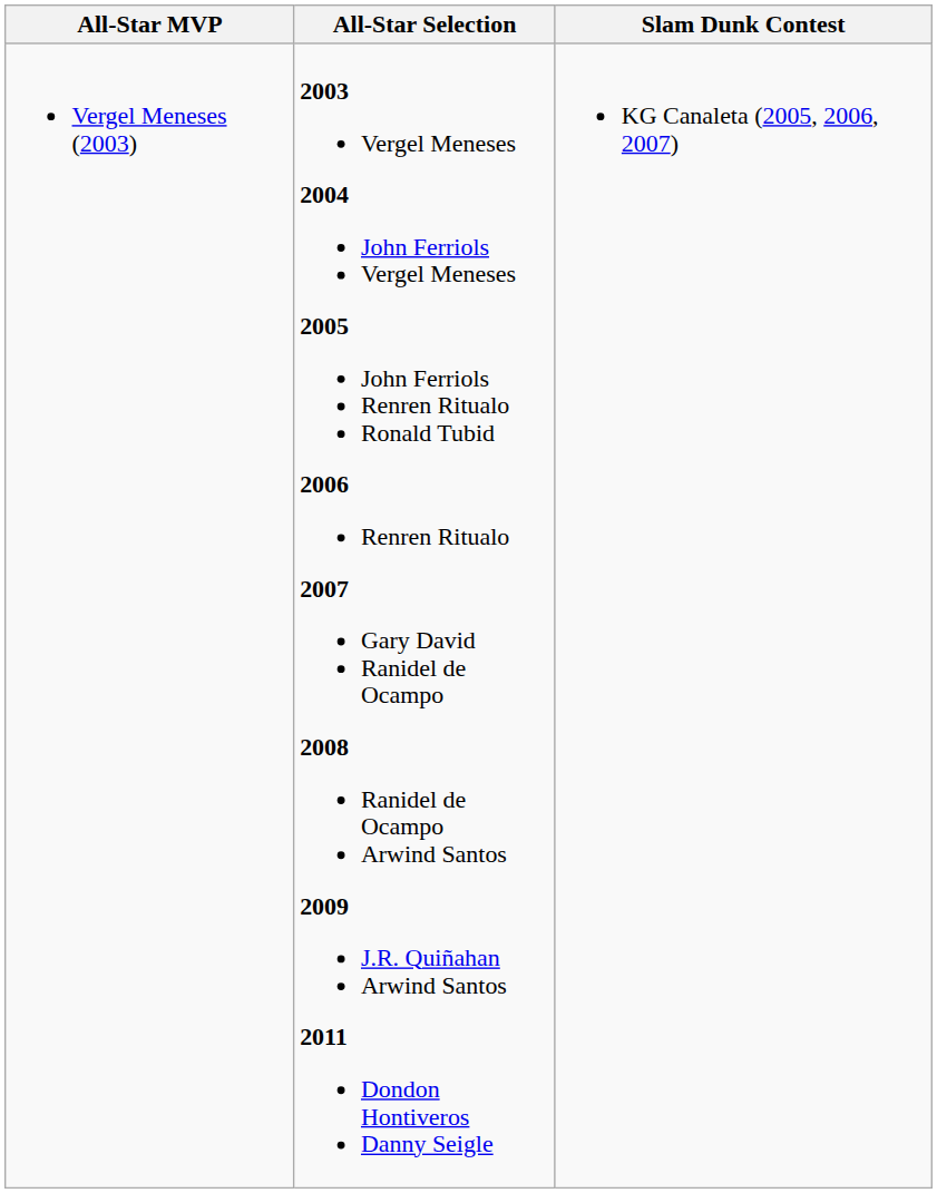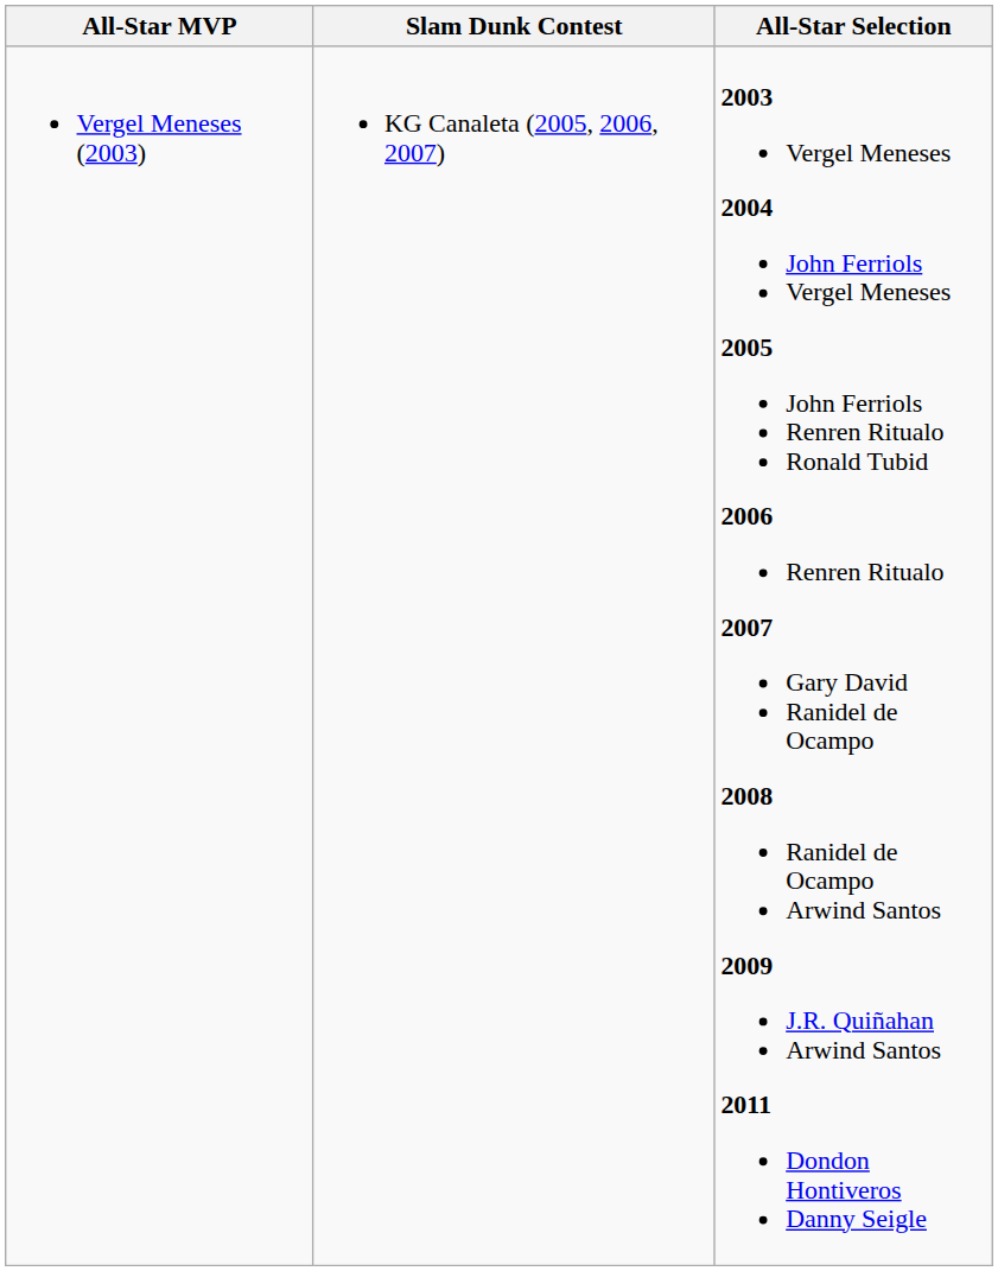 <table class=wikitable>
 <tr>
 <th>All-Star MVP</th>
+<th>Slam Dunk Contest</th>
 <th>All-Star Selection</th>
-<th>Slam Dunk Contest</th>
 </tr>
 <tr>
 <td valign="top"><br><ul><li><a href='#'>Vergel Meneses</a> (<a href='#'>2003</a>)</li></ul></td>
+<td valign="top"><br><ul><li>KG Canaleta (<a href='#'>2005</a>, <a href='#'>2006</a>, <a href='#'>2007</a>)</li></ul></td>
 <td valign="top"><br><strong>2003</strong><ul><li>Vergel Meneses</li></ul><strong>2004</strong><ul><li><a href='#'>John Ferriols</a></li><li>Vergel Meneses</li></ul><strong>2005</strong><ul><li>John Ferriols</li><li>Renren Ritualo</li><li>Ronald Tubid</li></ul><strong>2006</strong><ul><li>Renren Ritualo</li></ul><strong>2007</strong><ul><li>Gary David</li><li>Ranidel de Ocampo</li></ul><strong>2008</strong><ul><li>Ranidel de Ocampo</li><li>Arwind Santos</li></ul><strong>2009</strong><ul><li><a href='#'>J.R. Quiñahan</a></li><li>Arwind Santos</li></ul><strong>2011</strong><ul><li><a href='#'>Dondon Hontiveros</a></li><li><a href='#'>Danny Seigle</a></li></ul></td>
-<td valign="top"><br><ul><li>KG Canaleta (<a href='#'>2005</a>, <a href='#'>2006</a>, <a href='#'>2007</a>)</li></ul></td>
 </tr>
 </table>
